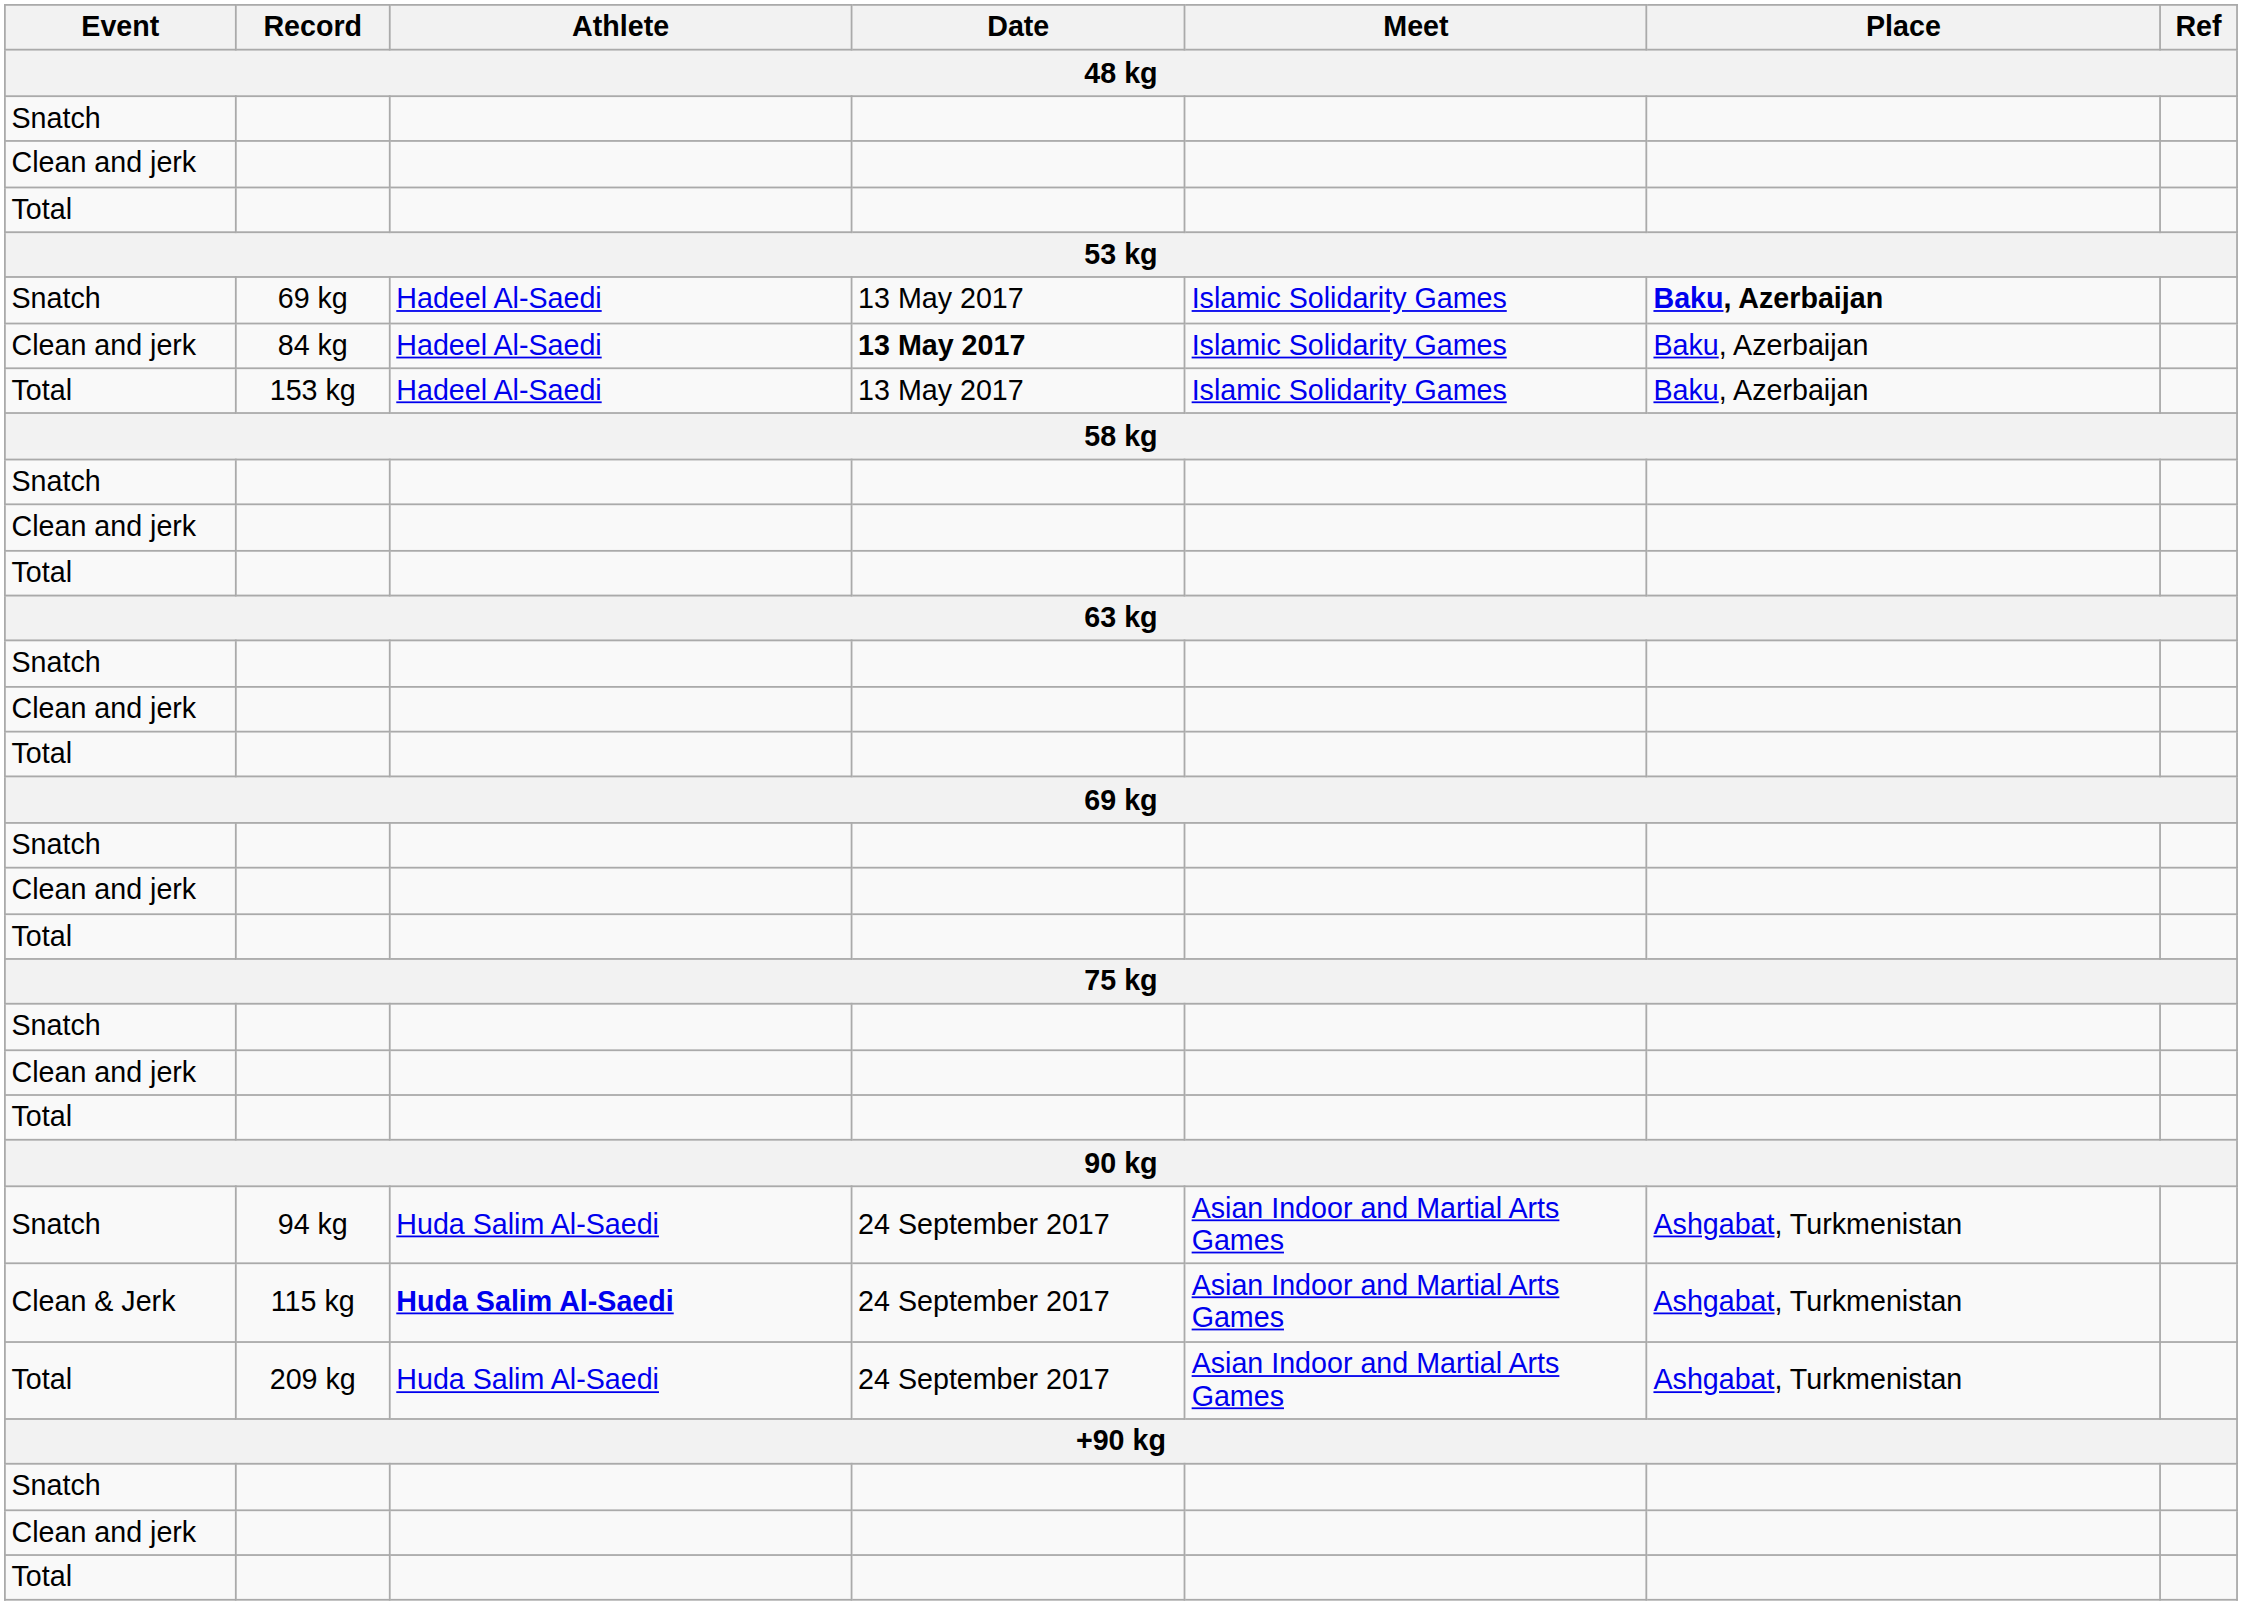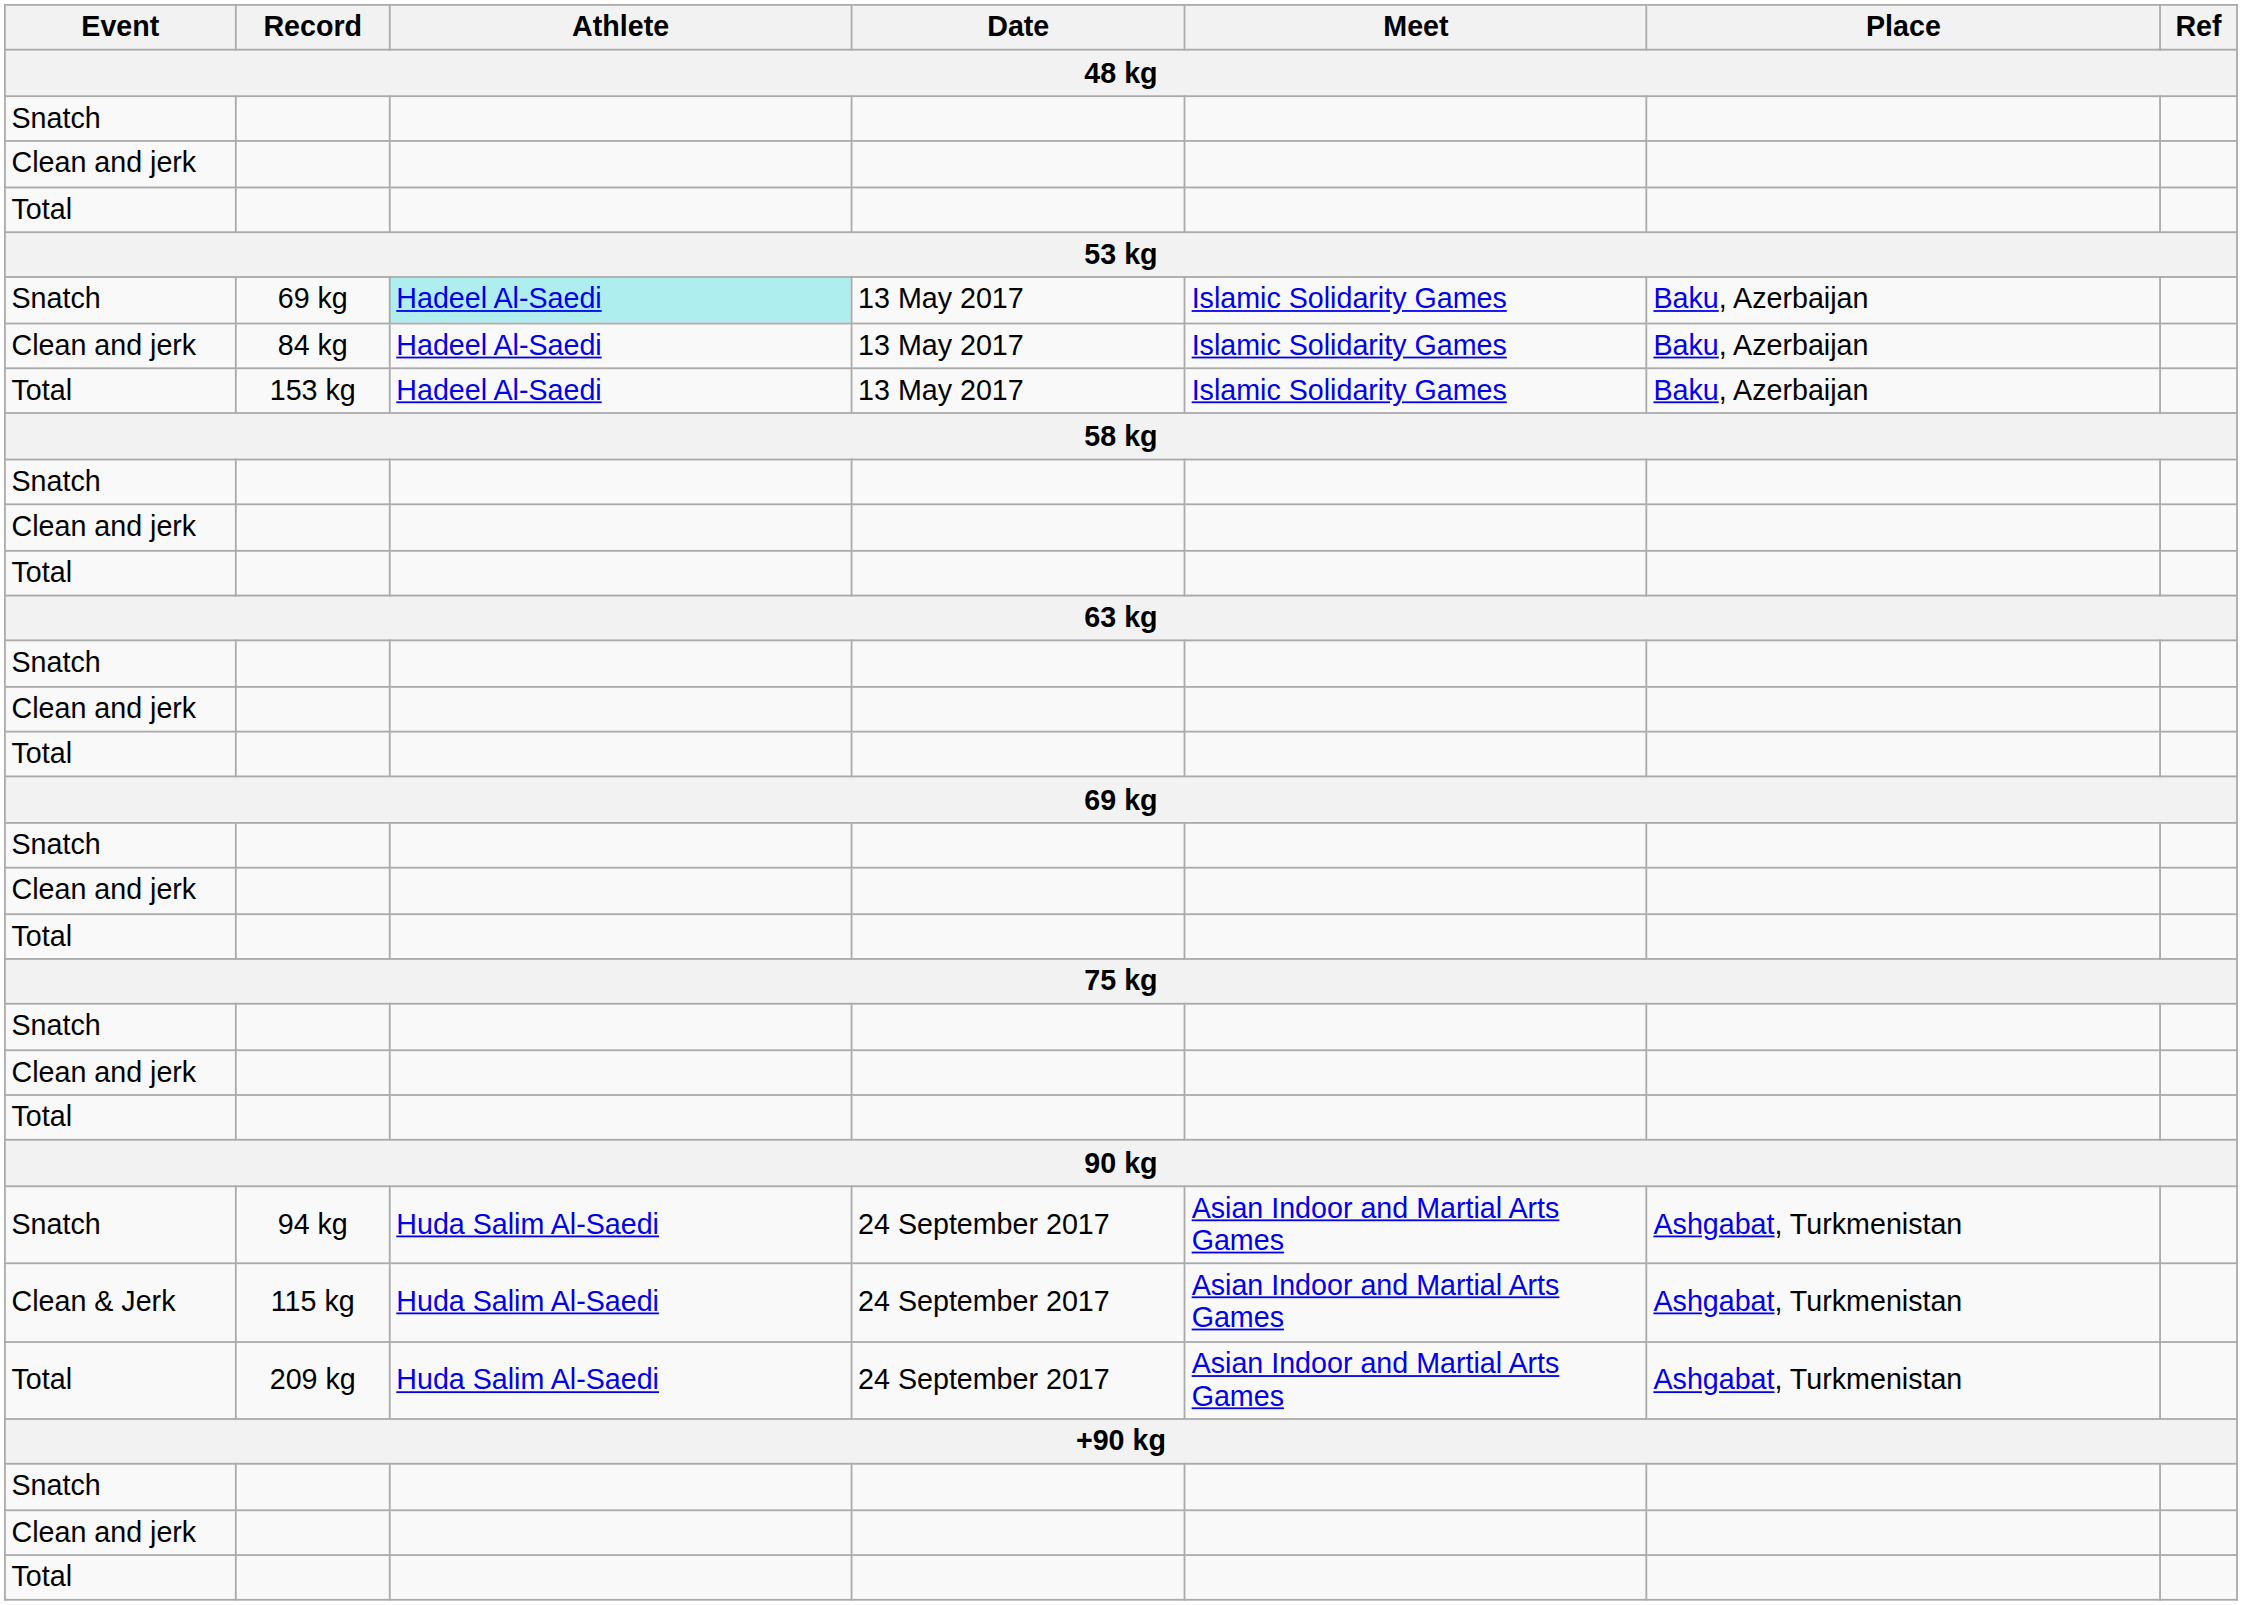 <table class="wikitable">
 <tr>
 <th width=9%>Event</th>
 <th width=6%>Record</th>
 <th width=18%>Athlete</th>
 <th width=13%>Date</th>
 <th width=18%>Meet</th>
 <th width=20%>Place</th>
 <th width=3%>Ref</th>
 </tr>
 <tr bgcolor="#DDDDDD">
 <th colspan="8">48 kg</th>
 </tr>
 <tr>
 <td>Snatch</td>
 <td></td>
 <td></td>
 <td></td>
 <td></td>
 <td></td>
 <td></td>
 </tr>
 <tr>
 <td>Clean and jerk</td>
 <td></td>
 <td></td>
 <td></td>
 <td></td>
 <td></td>
 <td></td>
 </tr>
 <tr>
 <td>Total</td>
 <td></td>
 <td></td>
 <td></td>
 <td></td>
 <td></td>
 <td></td>
 </tr>
 <tr bgcolor="#DDDDDD">
 <th colspan="8">53 kg</th>
 </tr>
 <tr>
 <td>Snatch</td>
 <td align="center">69 kg</td>
-<td><a href='#'>Hadeel Al-Saedi</a></td>
+<td style="background: paleturquoise;"><a href='#'>Hadeel Al-Saedi</a></td>
 <td>13 May 2017</td>
 <td><a href='#'>Islamic Solidarity Games</a></td>
-<td><strong><a href='#'>Baku</a>, Azerbaijan</strong></td>
+<td><a href='#'>Baku</a>, Azerbaijan</td>
 <td></td>
 </tr>
 <tr>
 <td>Clean and jerk</td>
 <td align="center">84 kg</td>
 <td><a href='#'>Hadeel Al-Saedi</a></td>
-<td><strong>13 May 2017</strong></td>
+<td>13 May 2017</td>
 <td><a href='#'>Islamic Solidarity Games</a></td>
 <td><a href='#'>Baku</a>, Azerbaijan</td>
 <td></td>
 </tr>
 <tr>
 <td>Total</td>
 <td align="center">153 kg</td>
 <td><a href='#'>Hadeel Al-Saedi</a></td>
 <td>13 May 2017</td>
 <td><a href='#'>Islamic Solidarity Games</a></td>
 <td><a href='#'>Baku</a>, Azerbaijan</td>
 <td></td>
 </tr>
 <tr bgcolor="#DDDDDD">
 <th colspan="8">58 kg</th>
 </tr>
 <tr>
 <td>Snatch</td>
 <td></td>
 <td></td>
 <td></td>
 <td></td>
 <td></td>
 <td></td>
 </tr>
 <tr>
 <td>Clean and jerk</td>
 <td></td>
 <td></td>
 <td></td>
 <td></td>
 <td></td>
 <td></td>
 </tr>
 <tr>
 <td>Total</td>
 <td></td>
 <td></td>
 <td></td>
 <td></td>
 <td></td>
 <td></td>
 </tr>
 <tr bgcolor="#DDDDDD">
 <th colspan="8">63 kg</th>
 </tr>
 <tr>
 <td>Snatch</td>
 <td align="center"></td>
 <td></td>
 <td></td>
 <td></td>
 <td></td>
 <td></td>
 </tr>
 <tr>
 <td>Clean and jerk</td>
 <td></td>
 <td></td>
 <td></td>
 <td></td>
 <td></td>
 <td></td>
 </tr>
 <tr>
 <td>Total</td>
 <td align="center"></td>
 <td></td>
 <td></td>
 <td></td>
 <td></td>
 <td></td>
 </tr>
 <tr bgcolor="#DDDDDD">
 <th colspan="8">69 kg</th>
 </tr>
 <tr>
 <td>Snatch</td>
 <td></td>
 <td></td>
 <td></td>
 <td></td>
 <td></td>
 <td></td>
 </tr>
 <tr>
 <td>Clean and jerk</td>
 <td></td>
 <td></td>
 <td></td>
 <td></td>
 <td></td>
 <td></td>
 </tr>
 <tr>
 <td>Total</td>
 <td></td>
 <td></td>
 <td></td>
 <td></td>
 <td></td>
 <td></td>
 </tr>
 <tr bgcolor="#DDDDDD">
 <th colspan="8">75 kg</th>
 </tr>
 <tr>
 <td>Snatch</td>
 <td></td>
 <td></td>
 <td></td>
 <td></td>
 <td></td>
 <td></td>
 </tr>
 <tr>
 <td>Clean and jerk</td>
 <td></td>
 <td></td>
 <td></td>
 <td></td>
 <td></td>
 <td></td>
 </tr>
 <tr>
 <td>Total</td>
 <td></td>
 <td></td>
 <td></td>
 <td></td>
 <td></td>
 <td></td>
 </tr>
 <tr bgcolor="#DDDDDD">
 <th colspan="7">90 kg</th>
 </tr>
 <tr>
 <td>Snatch</td>
 <td align="center">94 kg</td>
 <td><a href='#'>Huda Salim Al-Saedi</a></td>
 <td>24 September 2017</td>
 <td><a href='#'>Asian Indoor and Martial Arts Games</a></td>
 <td><a href='#'>Ashgabat</a>, Turkmenistan</td>
 <td></td>
 </tr>
 <tr>
 <td>Clean & Jerk</td>
 <td align="center">115 kg</td>
-<td><strong><a href='#'>Huda Salim Al-Saedi</a></strong></td>
+<td><a href='#'>Huda Salim Al-Saedi</a></td>
 <td>24 September 2017</td>
 <td><a href='#'>Asian Indoor and Martial Arts Games</a></td>
 <td><a href='#'>Ashgabat</a>, Turkmenistan</td>
 <td></td>
 </tr>
 <tr>
 <td>Total</td>
 <td align="center">209 kg</td>
 <td><a href='#'>Huda Salim Al-Saedi</a></td>
 <td>24 September 2017</td>
 <td><a href='#'>Asian Indoor and Martial Arts Games</a></td>
 <td><a href='#'>Ashgabat</a>, Turkmenistan</td>
 <td></td>
 </tr>
 <tr bgcolor="#DDDDDD">
 <th colspan="8">+90 kg</th>
 </tr>
 <tr>
 <td>Snatch</td>
 <td></td>
 <td></td>
 <td></td>
 <td></td>
 <td></td>
 <td></td>
 </tr>
 <tr>
 <td>Clean and jerk</td>
 <td></td>
 <td></td>
 <td></td>
 <td></td>
 <td></td>
 <td></td>
 </tr>
 <tr>
 <td>Total</td>
 <td></td>
 <td></td>
 <td></td>
 <td></td>
 <td></td>
 <td></td>
 </tr>
 </table>
